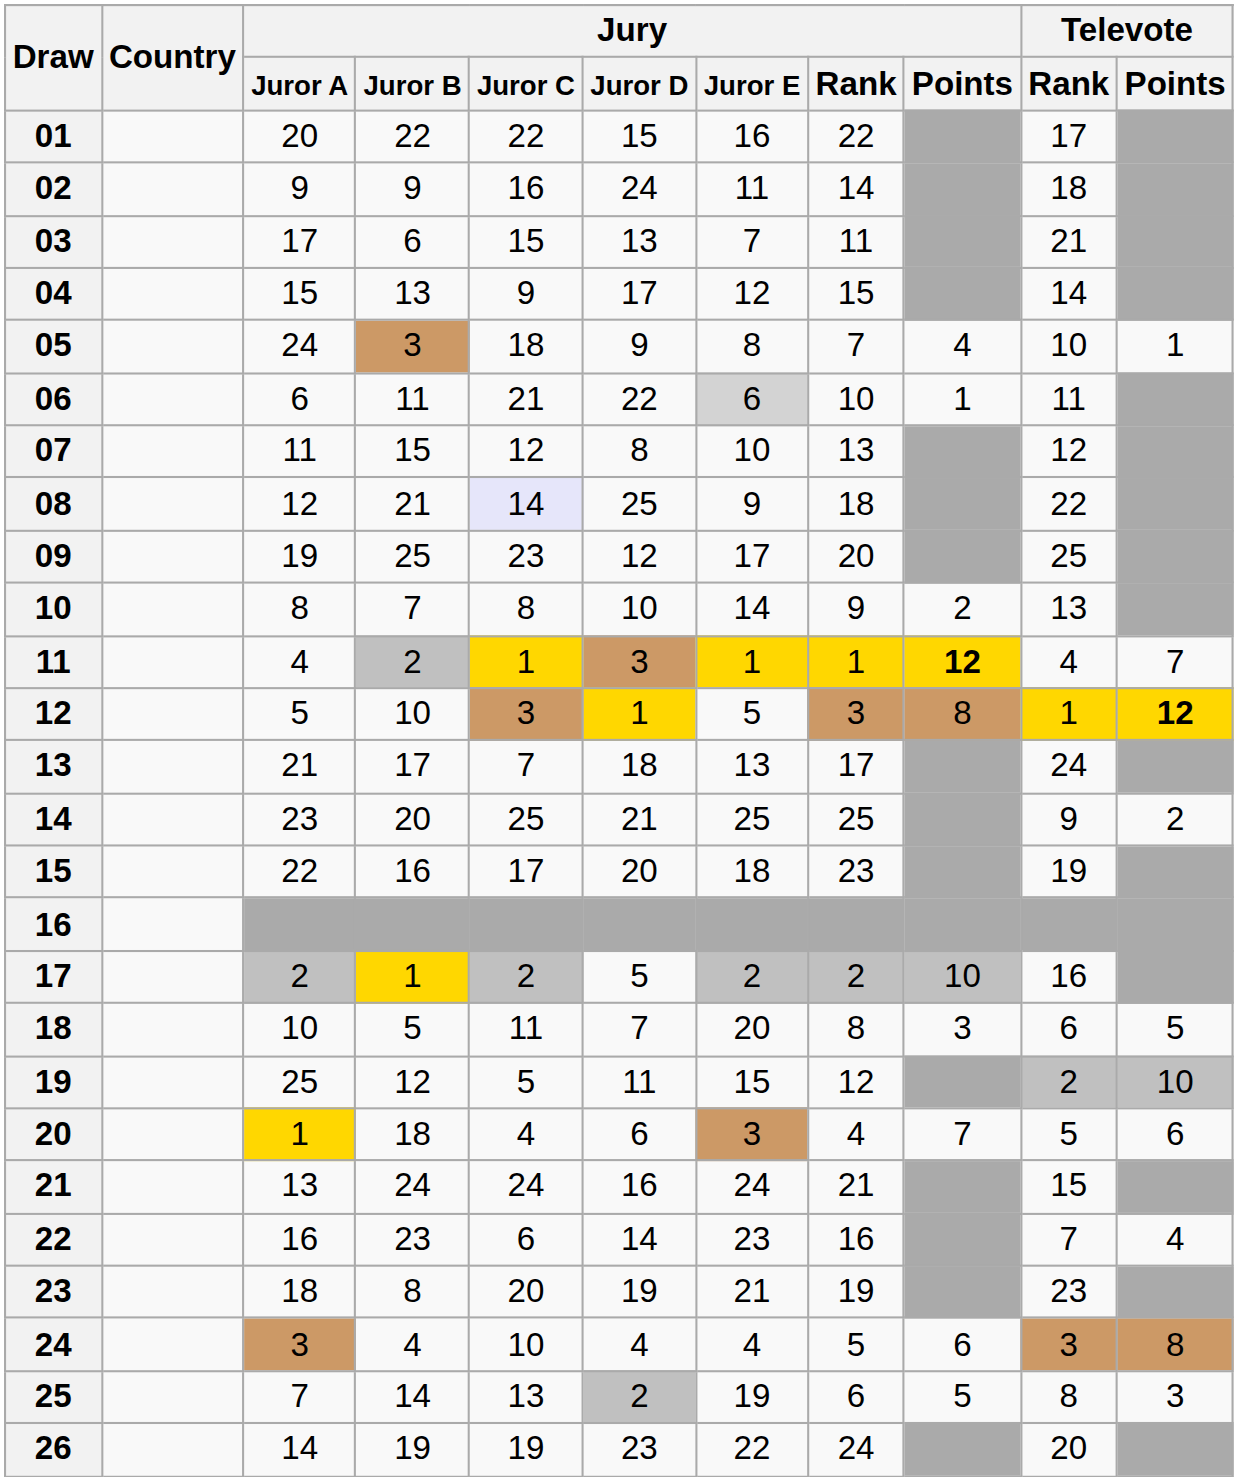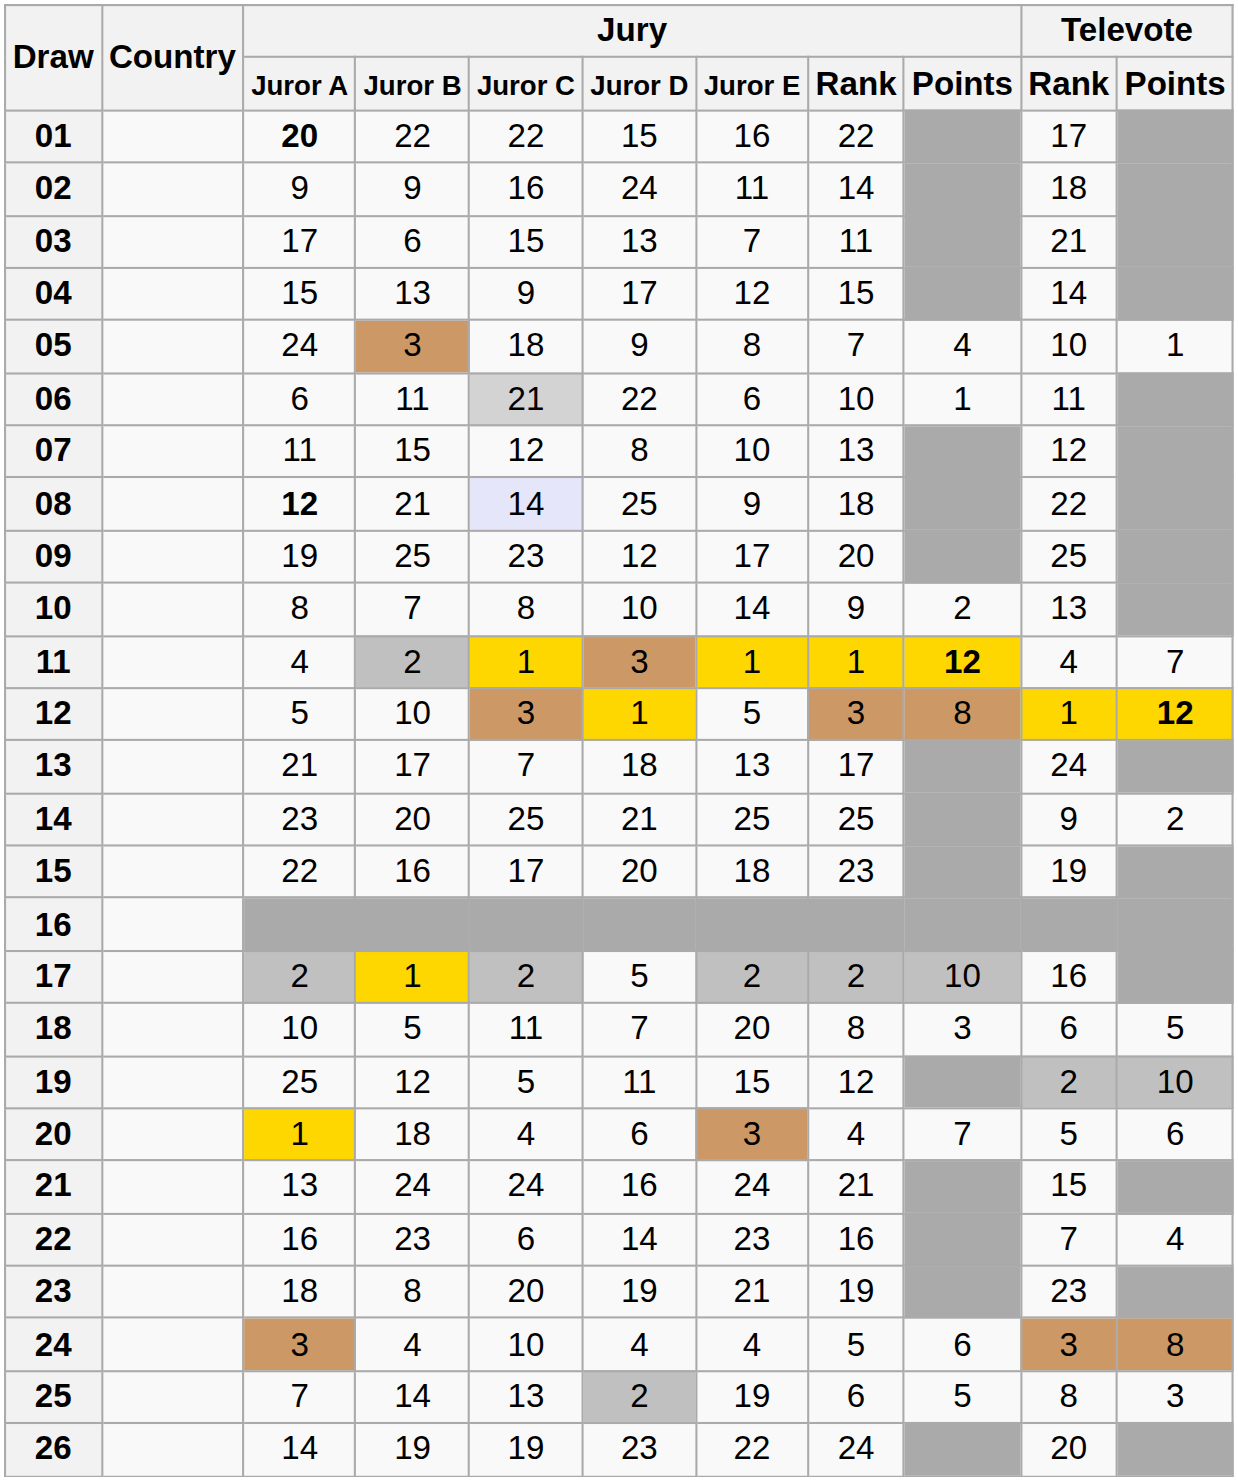 <table class="sortable wikitable collapsible plainrowheaders" style="text-align:center;">
 <tr>
 </tr>
 <tr>
 <th scope="col" rowspan="2">Draw</th>
 <th scope="col" rowspan="2">Country</th>
 <th scope="col" colspan="7">Jury</th>
 <th scope="col" colspan="2">Televote</th>
 </tr>
 <tr>
 <th scope="col"><small>Juror A</small></th>
 <th scope="col"><small>Juror B</small></th>
 <th scope="col"><small>Juror C</small></th>
 <th scope="col"><small>Juror D</small></th>
 <th scope="col"><small>Juror E</small></th>
 <th scope="col">Rank</th>
 <th scope="col">Points</th>
 <th scope="col">Rank</th>
 <th scope="col">Points</th>
 </tr>
 <tr>
 <th scope="row" style="text-align:center;">01</th>
 <td style="text-align:left;"></td>
-<td>20</td>
+<td><strong>20</strong></td>
 <td>22</td>
 <td>22</td>
 <td>15</td>
 <td>16</td>
 <td>22</td>
 <td style="background:#AAAAAA;"></td>
 <td>17</td>
 <td style="background:#AAAAAA;"></td>
 </tr>
 <tr>
 <th scope="row" style="text-align:center;">02</th>
 <td style="text-align:left;"></td>
 <td>9</td>
 <td>9</td>
 <td>16</td>
 <td>24</td>
 <td>11</td>
 <td>14</td>
 <td style="background:#AAAAAA;"></td>
 <td>18</td>
 <td style="background:#AAAAAA;"></td>
 </tr>
 <tr>
 <th scope="row" style="text-align:center;">03</th>
 <td style="text-align:left;"></td>
 <td>17</td>
 <td>6</td>
 <td>15</td>
 <td>13</td>
 <td>7</td>
 <td>11</td>
 <td style="background:#AAAAAA;"></td>
 <td>21</td>
 <td style="background:#AAAAAA;"></td>
 </tr>
 <tr>
 <th scope="row" style="text-align:center;">04</th>
 <td style="text-align:left;"></td>
 <td>15</td>
 <td>13</td>
 <td>9</td>
 <td>17</td>
 <td>12</td>
 <td>15</td>
 <td style="background:#AAAAAA;"></td>
 <td>14</td>
 <td style="background:#AAAAAA;"></td>
 </tr>
 <tr>
 <th scope="row" style="text-align:center;">05</th>
 <td style="text-align:left;"></td>
 <td>24</td>
 <td style="background:#CC9966;">3</td>
 <td>18</td>
 <td>9</td>
 <td>8</td>
 <td>7</td>
 <td>4</td>
 <td>10</td>
 <td>1</td>
 </tr>
 <tr>
 <th scope="row" style="text-align:center;">06</th>
 <td style="text-align:left;"></td>
 <td>6</td>
 <td>11</td>
-<td>21</td>
+<td style="background: lightgrey;">21</td>
 <td>22</td>
-<td style="background: lightgrey;">6</td>
+<td>6</td>
 <td>10</td>
 <td>1</td>
 <td>11</td>
 <td style="background:#AAAAAA;"></td>
 </tr>
 <tr>
 <th scope="row" style="text-align:center;">07</th>
 <td style="text-align:left;"></td>
 <td>11</td>
 <td>15</td>
 <td>12</td>
 <td>8</td>
 <td>10</td>
 <td>13</td>
 <td style="background:#AAAAAA;"></td>
 <td>12</td>
 <td style="background:#AAAAAA;"></td>
 </tr>
 <tr>
 <th scope="row" style="text-align:center;">08</th>
 <td style="text-align:left;"></td>
-<td>12</td>
+<td><strong>12</strong></td>
 <td>21</td>
 <td style="background: lavender;">14</td>
 <td>25</td>
 <td>9</td>
 <td>18</td>
 <td style="background:#AAAAAA;"></td>
 <td>22</td>
 <td style="background:#AAAAAA;"></td>
 </tr>
 <tr>
 <th scope="row" style="text-align:center;">09</th>
 <td style="text-align:left;"></td>
 <td>19</td>
 <td>25</td>
 <td>23</td>
 <td>12</td>
 <td>17</td>
 <td>20</td>
 <td style="background:#AAAAAA;"></td>
 <td>25</td>
 <td style="background:#AAAAAA;"></td>
 </tr>
 <tr>
 <th scope="row" style="text-align:center;">10</th>
 <td style="text-align:left;"></td>
 <td>8</td>
 <td>7</td>
 <td>8</td>
 <td>10</td>
 <td>14</td>
 <td>9</td>
 <td>2</td>
 <td>13</td>
 <td style="background:#AAAAAA;"></td>
 </tr>
 <tr>
 <th scope="row" style="text-align:center;">11</th>
 <td style="text-align:left;"></td>
 <td>4</td>
 <td style="background:silver;">2</td>
 <td style="background:gold;">1</td>
 <td style="background:#CC9966;">3</td>
 <td style="background:gold;">1</td>
 <td style="background:gold;">1</td>
 <td style="background:gold;"><strong>12</strong></td>
 <td>4</td>
 <td>7</td>
 </tr>
 <tr>
 <th scope="row" style="text-align:center;">12</th>
 <td style="text-align:left;"></td>
 <td>5</td>
 <td>10</td>
 <td style="background:#CC9966;">3</td>
 <td style="background:gold;">1</td>
 <td>5</td>
 <td style="background:#CC9966;">3</td>
 <td style="background:#CC9966;">8</td>
 <td style="background:gold;">1</td>
 <td style="background:gold;"><strong>12</strong></td>
 </tr>
 <tr>
 <th scope="row" style="text-align:center;">13</th>
 <td style="text-align:left;"></td>
 <td>21</td>
 <td>17</td>
 <td>7</td>
 <td>18</td>
 <td>13</td>
 <td>17</td>
 <td style="background:#AAAAAA;"></td>
 <td>24</td>
 <td style="background:#AAAAAA;"></td>
 </tr>
 <tr>
 <th scope="row" style="text-align:center;">14</th>
 <td style="text-align:left;"></td>
 <td>23</td>
 <td>20</td>
 <td>25</td>
 <td>21</td>
 <td>25</td>
 <td>25</td>
 <td style="background:#AAAAAA;"></td>
 <td>9</td>
 <td>2</td>
 </tr>
 <tr>
 <th scope="row" style="text-align:center;">15</th>
 <td style="text-align:left;"></td>
 <td>22</td>
 <td>16</td>
 <td>17</td>
 <td>20</td>
 <td>18</td>
 <td>23</td>
 <td style="background:#AAAAAA;"></td>
 <td>19</td>
 <td style="background:#AAAAAA;"></td>
 </tr>
 <tr class="sortbottom">
 <th scope="row" style="text-align:center;">16</th>
 <td style="text-align:left;"></td>
 <td style="background:#AAAAAA;"></td>
 <td style="background:#AAAAAA;"></td>
 <td style="background:#AAAAAA;"></td>
 <td style="background:#AAAAAA;"></td>
 <td style="background:#AAAAAA;"></td>
 <td style="background:#AAAAAA;"></td>
 <td style="background:#AAAAAA;"></td>
 <td style="background:#AAAAAA;"></td>
 <td style="background:#AAAAAA;"></td>
 </tr>
 <tr>
 <th scope="row" style="text-align:center;">17</th>
 <td style="text-align:left;"></td>
 <td style="background:silver;">2</td>
 <td style="background:gold;">1</td>
 <td style="background:silver;">2</td>
 <td>5</td>
 <td style="background:silver;">2</td>
 <td style="background:silver;">2</td>
 <td style="background:silver;">10</td>
 <td>16</td>
 <td style="background:#AAAAAA;"></td>
 </tr>
 <tr>
 <th scope="row" style="text-align:center;">18</th>
 <td style="text-align:left;"></td>
 <td>10</td>
 <td>5</td>
 <td>11</td>
 <td>7</td>
 <td>20</td>
 <td>8</td>
 <td>3</td>
 <td>6</td>
 <td>5</td>
 </tr>
 <tr>
 <th scope="row" style="text-align:center;">19</th>
 <td style="text-align:left;"></td>
 <td>25</td>
 <td>12</td>
 <td>5</td>
 <td>11</td>
 <td>15</td>
 <td>12</td>
 <td style="background:#AAAAAA;"></td>
 <td style="background:silver;">2</td>
 <td style="background:silver;">10</td>
 </tr>
 <tr>
 <th scope="row" style="text-align:center;">20</th>
 <td style="text-align:left;"></td>
 <td style="background:gold;">1</td>
 <td>18</td>
 <td>4</td>
 <td>6</td>
 <td style="background:#CC9966;">3</td>
 <td>4</td>
 <td>7</td>
 <td>5</td>
 <td>6</td>
 </tr>
 <tr>
 <th scope="row" style="text-align:center;">21</th>
 <td style="text-align:left;"></td>
 <td>13</td>
 <td>24</td>
 <td>24</td>
 <td>16</td>
 <td>24</td>
 <td>21</td>
 <td style="background:#AAAAAA;"></td>
 <td>15</td>
 <td style="background:#AAAAAA;"></td>
 </tr>
 <tr>
 <th scope="row" style="text-align:center;">22</th>
 <td style="text-align:left;"></td>
 <td>16</td>
 <td>23</td>
 <td>6</td>
 <td>14</td>
 <td>23</td>
 <td>16</td>
 <td style="background:#AAAAAA;"></td>
 <td>7</td>
 <td>4</td>
 </tr>
 <tr>
 <th scope="row" style="text-align:center;">23</th>
 <td style="text-align:left;"></td>
 <td>18</td>
 <td>8</td>
 <td>20</td>
 <td>19</td>
 <td>21</td>
 <td>19</td>
 <td style="background:#AAAAAA;"></td>
 <td>23</td>
 <td style="background:#AAAAAA;"></td>
 </tr>
 <tr>
 <th scope="row" style="text-align:center;">24</th>
 <td style="text-align:left;"></td>
 <td style="background:#CC9966;">3</td>
 <td>4</td>
 <td>10</td>
 <td>4</td>
 <td>4</td>
 <td>5</td>
 <td>6</td>
 <td style="background:#CC9966;">3</td>
 <td style="background:#CC9966;">8</td>
 </tr>
 <tr>
 <th scope="row" style="text-align:center;">25</th>
 <td style="text-align:left;"></td>
 <td>7</td>
 <td>14</td>
 <td>13</td>
 <td style="background:silver;">2</td>
 <td>19</td>
 <td>6</td>
 <td>5</td>
 <td>8</td>
 <td>3</td>
 </tr>
 <tr>
 <th scope="row" style="text-align:center;">26</th>
 <td style="text-align:left;"></td>
 <td>14</td>
 <td>19</td>
 <td>19</td>
 <td>23</td>
 <td>22</td>
 <td>24</td>
 <td style="background:#AAAAAA;"></td>
 <td>20</td>
 <td style="background:#AAAAAA;"></td>
 </tr>
 </table>
